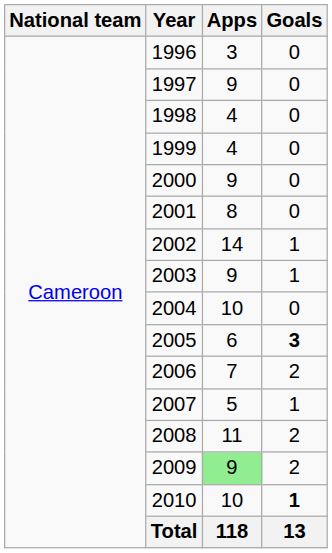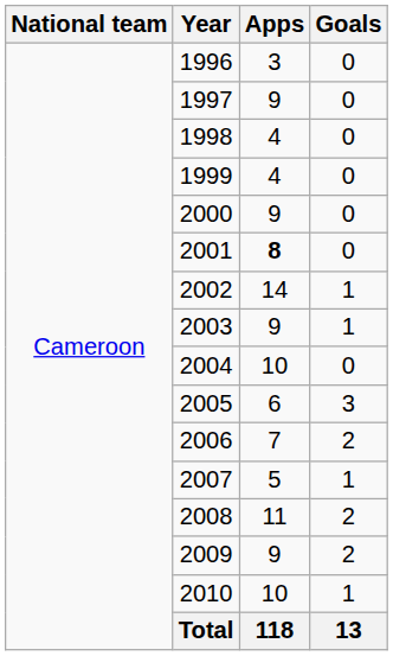 <table class="wikitable" style="text-align:center">
 <tr>
 <th>National team</th>
 <th>Year</th>
 <th>Apps</th>
 <th>Goals</th>
 </tr>
 <tr>
 <td rowspan="16"><a href='#'>Cameroon</a></td>
 <td>1996</td>
 <td>3</td>
 <td>0</td>
 </tr>
 <tr>
 <td>1997</td>
 <td>9</td>
 <td>0</td>
 </tr>
 <tr>
 <td>1998</td>
 <td>4</td>
 <td>0</td>
 </tr>
 <tr>
 <td>1999</td>
 <td>4</td>
 <td>0</td>
 </tr>
 <tr>
 <td>2000</td>
 <td>9</td>
 <td>0</td>
 </tr>
 <tr>
 <td>2001</td>
-<td>8</td>
+<td><strong>8</strong></td>
 <td>0</td>
 </tr>
 <tr>
 <td>2002</td>
 <td>14</td>
 <td>1</td>
 </tr>
 <tr>
 <td>2003</td>
 <td>9</td>
 <td>1</td>
 </tr>
 <tr>
 <td>2004</td>
 <td>10</td>
 <td>0</td>
 </tr>
 <tr>
 <td>2005</td>
 <td>6</td>
-<td><strong>3</strong></td>
+<td>3</td>
 </tr>
 <tr>
 <td>2006</td>
 <td>7</td>
 <td>2</td>
 </tr>
 <tr>
 <td>2007</td>
 <td>5</td>
 <td>1</td>
 </tr>
 <tr>
 <td>2008</td>
 <td>11</td>
 <td>2</td>
 </tr>
 <tr>
 <td>2009</td>
-<td style="background: lightgreen;">9</td>
+<td>9</td>
 <td>2</td>
 </tr>
 <tr>
 <td>2010</td>
 <td>10</td>
-<td><strong>1</strong></td>
+<td>1</td>
 </tr>
 <tr>
 <th>Total</th>
 <th>118</th>
 <th>13</th>
 </tr>
 </table>
